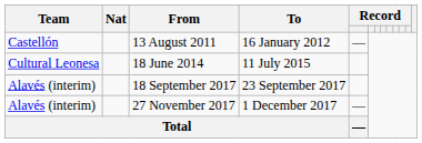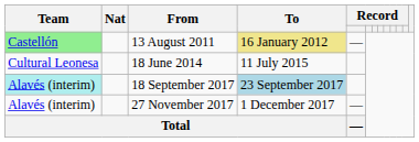 <table class="wikitable" style="text-align: center">
 <tr>
 <th rowspan="2">Team</th>
 <th rowspan="2">Nat</th>
 <th rowspan="2">From</th>
 <th rowspan="2">To</th>
 <th colspan="8">Record</th>
 <th rowspan=2></th>
 </tr>
 <tr>
 <th></th>
 <th></th>
 <th></th>
 <th></th>
 <th></th>
 <th></th>
 <th></th>
 <th></th>
 </tr>
 <tr>
-<td align="left"><a href='#'>Castellón</a></td>
+<td align="left" style="background: lightgreen;"><a href='#'>Castellón</a></td>
 <td></td>
 <td align=left>13 August 2011</td>
-<td align=left>16 January 2012<br></td>
+<td align=left style="background: khaki;">16 January 2012<br></td>
 <td>—</td>
 </tr>
 <tr>
 <td align="left"><a href='#'>Cultural Leonesa</a></td>
 <td></td>
 <td align=left>18 June 2014</td>
 <td align=left>11 July 2015<br></td>
 <td></td>
 </tr>
 <tr>
-<td align="left"><a href='#'>Alavés</a> (interim)</td>
+<td align="left" style="background: paleturquoise;"><a href='#'>Alavés</a> (interim)</td>
 <td></td>
 <td align=left>18 September 2017</td>
-<td align=left>23 September 2017<br></td>
+<td align=left style="background: lightblue;">23 September 2017<br></td>
 <td></td>
 </tr>
 <tr>
 <td align="left"><a href='#'>Alavés</a> (interim)</td>
 <td></td>
 <td align=left>27 November 2017</td>
 <td align=left>1 December 2017<br></td>
 <td>—</td>
 </tr>
 <tr>
 <th colspan="4">Total<br></th>
 <th>—</th>
 </tr>
 </table>
